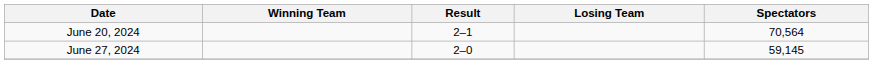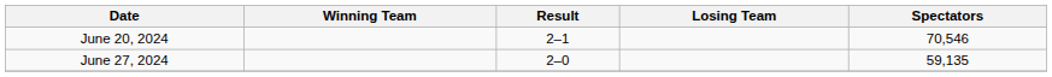 <table class="wikitable unsortable" style="text-align:left; width:95%;" style="text-align:center">
 <tr>
 <th style="text-align:center">Date</th>
 <th style="text-align:center">Winning Team</th>
 <th style="text-align:center">Result</th>
 <th style="text-align:center">Losing Team</th>
 <th style="text-align:center">Spectators</th>
 </tr>
 <tr>
 <td style="text-align:center;">June 20, 2024</td>
 <td><strong></strong></td>
 <td style="text-align:center;">2–1</td>
 <td></td>
-<td style="text-align:center;">70,564</td>
+<td style="text-align:center;">70,546</td>
 </tr>
 <tr>
 <td style="text-align:center;">June 27, 2024</td>
 <td><strong></strong></td>
 <td style="text-align:center;">2–0</td>
 <td></td>
-<td style="text-align:center;">59,145</td>
+<td style="text-align:center;">59,135</td>
 </tr>
 <tr>
 </tr>
 </table>
